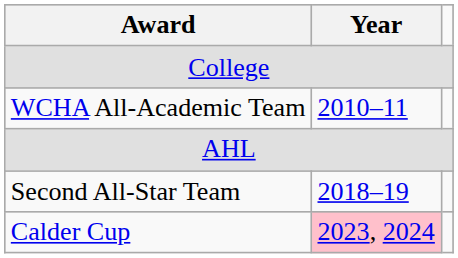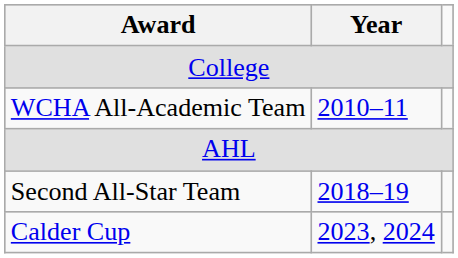 <table class="wikitable">
 <tr>
 <th>Award</th>
 <th>Year</th>
 </tr>
 <tr ALIGN="center" bgcolor="#e0e0e0">
 <td colspan="3"><a href='#'>College</a></td>
 </tr>
 <tr>
 <td><a href='#'>WCHA</a> All-Academic Team</td>
 <td><a href='#'>2010–11</a></td>
 </tr>
 <tr ALIGN="center" bgcolor="#e0e0e0">
 <td colspan="3"><a href='#'>AHL</a></td>
 </tr>
 <tr>
 <td>Second All-Star Team</td>
 <td><a href='#'>2018–19</a></td>
 </tr>
 <tr>
 <td><a href='#'>Calder Cup</a></td>
-<td style="background: pink;"><a href='#'>2023</a>, <a href='#'>2024</a></td>
+<td><a href='#'>2023</a>, <a href='#'>2024</a></td>
 <td></td>
 </tr>
 </table>
